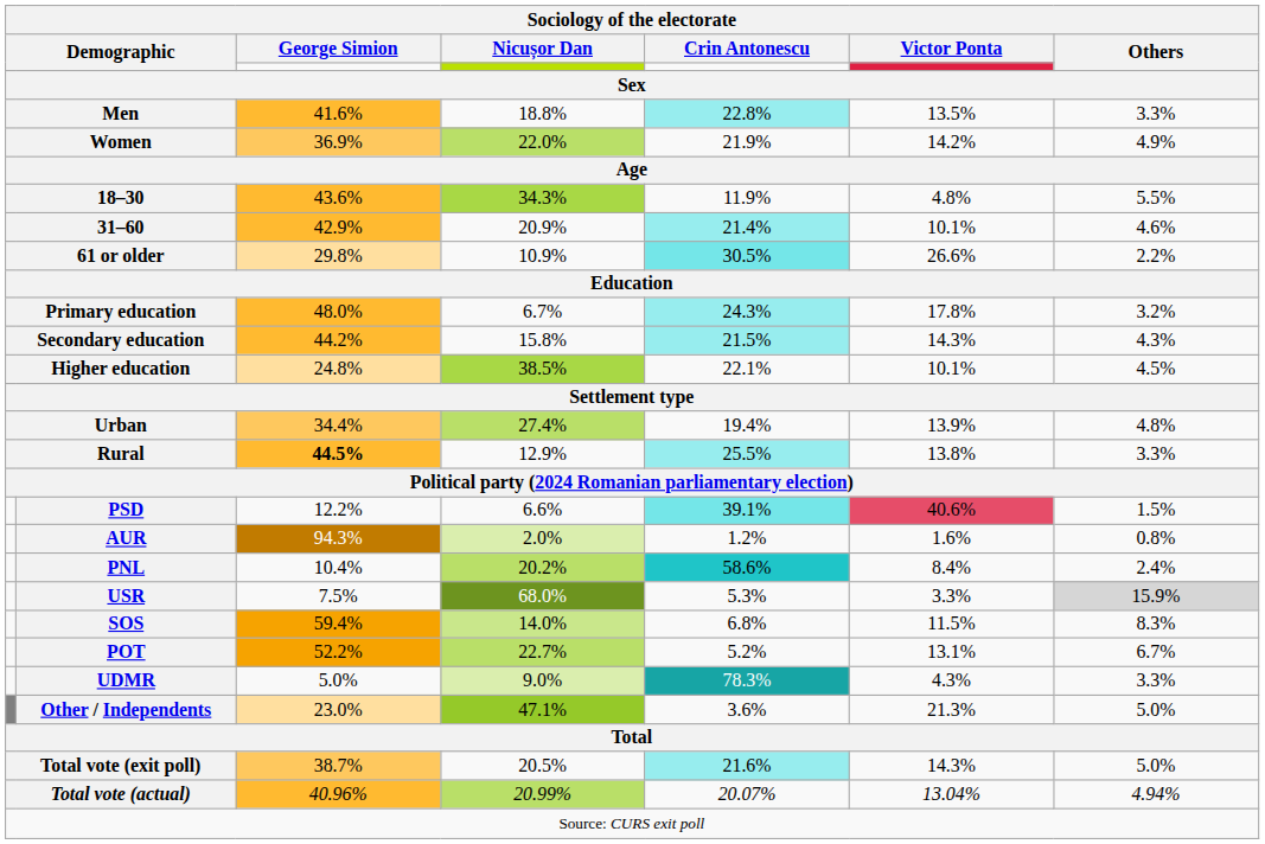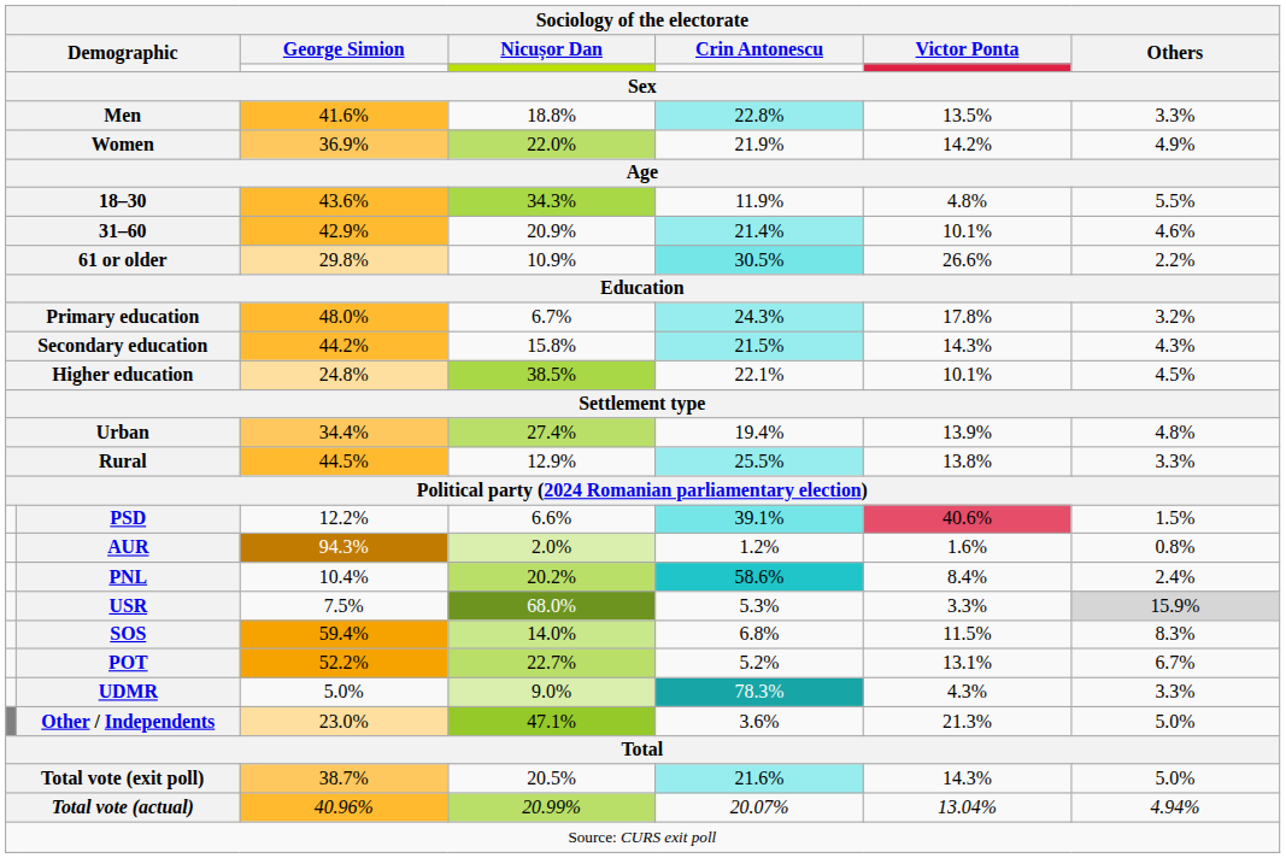 <table class="wikitable" style="font-size:90%; text-align:center; line-height:15px;">
 <tr>
 <th colspan="7">Sociology of the electorate</th>
 </tr>
 <tr>
 <th colspan="2" rowspan="2" style="width:170px;">Demographic</th>
 <th style="width:150px;"><a href='#'>George Simion</a></th>
 <th style="width:150px;"><a href='#'>Nicușor Dan</a></th>
 <th style="width:150px;"><a href='#'>Crin Antonescu</a></th>
 <th style="width:150px;"><a href='#'>Victor Ponta</a></th>
 <th colspan="2" rowspan="2" style="width:150px;">Others</th>
 </tr>
 <tr>
 <td style="background:"></td>
 <td style="background:#BAE002;"></td>
 <td style="background:"></td>
 <td style="background:#E02043;"></td>
 </tr>
 <tr>
 <th colspan="7">Sex</th>
 </tr>
 <tr>
 <th colspan="2">Men</th>
 <td style="background:#FFBA30;">41.6%</td>
 <td>18.8%</td>
 <td style="background:#97EDEE;">22.8%</td>
 <td>13.5%</td>
 <td>3.3%</td>
 </tr>
 <tr>
 <th colspan="2">Women</th>
 <td style="background:#FEC85E;">36.9%</td>
 <td style="background:#b9df68;">22.0%</td>
 <td>21.9%</td>
 <td>14.2%</td>
 <td>4.9%</td>
 </tr>
 <tr>
 <th colspan="7">Age</th>
 </tr>
 <tr>
 <th colspan="2">18–30</th>
 <td style="background:#FFBA30;">43.6%</td>
 <td style="background:#a8d845;">34.3%</td>
 <td>11.9%</td>
 <td>4.8%</td>
 <td>5.5%</td>
 </tr>
 <tr>
 <th colspan="2">31–60</th>
 <td style="background:#FFBA30;">42.9%</td>
 <td>20.9%</td>
 <td style="background:#97EDEE;">21.4%</td>
 <td>10.1%</td>
 <td>4.6%</td>
 </tr>
 <tr>
 <th colspan="2">61 or older</th>
 <td style="background:#FFDF9F;">29.8%</td>
 <td>10.9%</td>
 <td style="background:#74E6E8;">30.5%</td>
 <td>26.6%</td>
 <td>2.2%</td>
 </tr>
 <tr>
 <th colspan="7">Education</th>
 </tr>
 <tr>
 <th colspan="2">Primary education</th>
 <td style="background:#FFBA30;">48.0%</td>
 <td>6.7%</td>
 <td style="background:#97EDEE;">24.3%</td>
 <td>17.8%</td>
 <td>3.2%</td>
 </tr>
 <tr>
 <th colspan="2">Secondary education</th>
 <td style="background:#FFBA30;">44.2%</td>
 <td>15.8%</td>
 <td style="background:#97EDEE;">21.5%</td>
 <td>14.3%</td>
 <td>4.3%</td>
 </tr>
 <tr>
 <th colspan="2">Higher education</th>
 <td style="background:#FFDF9F;">24.8%</td>
 <td style="background:#a8d845;">38.5%</td>
 <td>22.1%</td>
 <td>10.1%</td>
 <td>4.5%</td>
 </tr>
 <tr>
 <th colspan="7">Settlement type</th>
 </tr>
 <tr>
 <th colspan="2">Urban</th>
 <td style="background:#FEC85E;">34.4%</td>
 <td style="background:#b9df68;">27.4%</td>
 <td>19.4%</td>
 <td>13.9%</td>
 <td>4.8%</td>
 </tr>
 <tr>
 <th colspan="2">Rural</th>
-<td style="background:#FFBA30;"><strong>44.5%</strong></td>
+<td style="background:#FFBA30;">44.5%</td>
 <td>12.9%</td>
 <td style="background:#97EDEE;">25.5%</td>
 <td>13.8%</td>
 <td>3.3%</td>
 </tr>
 <tr>
 <th colspan="7">Political party (<a href='#'>2024 Romanian parliamentary election</a>)</th>
 </tr>
 <tr>
 <td style="background:"></td>
 <th><a href='#'>PSD</a></th>
 <td>12.2%</td>
 <td>6.6%</td>
 <td style="background:#74E6E8;">39.1%</td>
 <td style="background:#E64D69;">40.6%</td>
 <td>1.5%</td>
 </tr>
 <tr>
 <td style="background:"></td>
 <th><a href='#'>AUR</a></th>
 <td style="background:#C17B00; color:white;">94.3%</td>
 <td style="background:#daeeae;">2.0%</td>
 <td>1.2%</td>
 <td>1.6%</td>
 <td>0.8%</td>
 </tr>
 <tr>
 <td style="background:"></td>
 <th><a href='#'>PNL</a></th>
 <td>10.4%</td>
 <td style="background:#b9df68;">20.2%</td>
 <td style="background:#1FC5C8;">58.6%</td>
 <td>8.4%</td>
 <td>2.4%</td>
 </tr>
 <tr>
 <td style="background:"></td>
 <th><a href='#'>USR</a></th>
 <td>7.5%</td>
 <td style="background:#6d941f; color:white;">68.0%</td>
 <td>5.3%</td>
 <td>3.3%</td>
 <td style="background:#D6D6D6;">15.9%</td>
 </tr>
 <tr>
 <td style="background:"></td>
 <th><a href='#'>SOS</a></th>
 <td style="background:#F6A300;">59.4%</td>
 <td style="background:#c9e78b;">14.0%</td>
 <td>6.8%</td>
 <td>11.5%</td>
 <td>8.3%</td>
 </tr>
 <tr>
 <td style="background:"></td>
 <th><a href='#'>POT</a></th>
 <td style="background:#F6A300;">52.2%</td>
 <td style="background:#b9df68;">22.7%</td>
 <td>5.2%</td>
 <td>13.1%</td>
 <td>6.7%</td>
 </tr>
 <tr>
 <td style="background:"></td>
 <th><a href='#'>UDMR</a></th>
 <td>5.0%</td>
 <td style="background:#daeeae;">9.0%</td>
 <td style="background:#17A5A5; color:white;">78.3%</td>
 <td>4.3%</td>
 <td>3.3%</td>
 </tr>
 <tr>
 <td style="background:grey;"></td>
 <th><a href='#'>Other</a> / <a href='#'>Independents</a></th>
 <td style="background:#FFDF9F;">23.0%</td>
 <td style="background:#95c929;">47.1%</td>
 <td>3.6%</td>
 <td>21.3%</td>
 <td>5.0%</td>
 </tr>
 <tr>
 <th colspan="7">Total</th>
 </tr>
 <tr>
 <th colspan="2">Total vote (exit poll)</th>
 <td style="background:#FEC85E;">38.7%</td>
 <td>20.5%</td>
 <td style="background:#97EDEE;">21.6%</td>
 <td>14.3%</td>
 <td>5.0%</td>
 </tr>
 <tr>
 <th colspan="2"><em>Total vote (actual)</em></th>
 <td style="background:#FFBA30;"><em>40.96%</em></td>
 <td style="background:#b9df68;"><em>20.99%</em></td>
 <td><em>20.07%</em></td>
 <td><em>13.04%</em></td>
 <td><em>4.94%</em></td>
 </tr>
 <tr>
 <td colspan="7"><small>Source: <em>CURS exit poll</em></small></td>
 </tr>
 </table>
